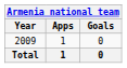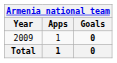 <table class="wikitable" style="text-align:center">
 <tr>
 <th colspan=3><a href='#'>Armenia national team</a></th>
 </tr>
 <tr>
 <th>Year</th>
 <th>Apps</th>
 <th>Goals</th>
 </tr>
 <tr>
 <td>2009</td>
 <td>1</td>
-<td>0</td>
+<td><strong>0</strong></td>
 </tr>
 <tr>
 <th>Total</th>
 <th>1</th>
 <th>0</th>
 </tr>
 </table>
